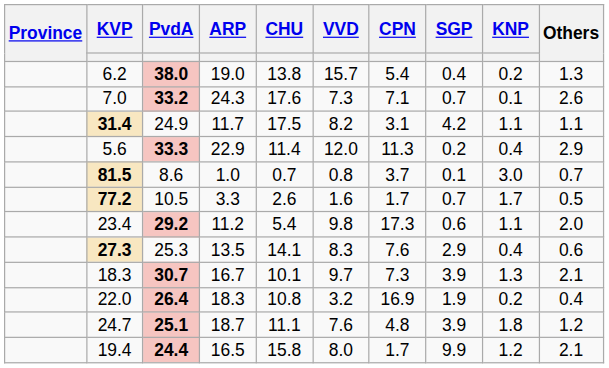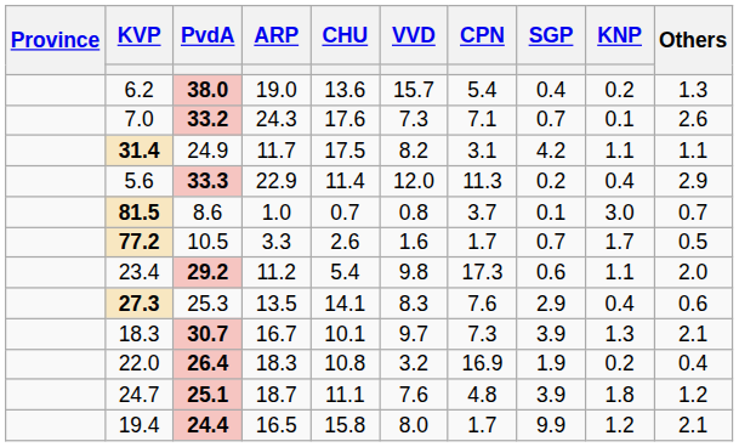 <table class="wikitable sortable" style="text-align:center;font-size:90%;line-height:14px">
 <tr style="height:40px;">
 <th rowspan="2"><a href='#'>Province</a></th>
 <th style="width:40px;"><a href='#'>KVP</a></th>
 <th style="width:40px;"><a href='#'>PvdA</a></th>
 <th style="width:40px;"><a href='#'>ARP</a></th>
 <th style="width:40px;"><a href='#'>CHU</a></th>
 <th style="width:40px;"><a href='#'>VVD</a></th>
 <th style="width:40px;"><a href='#'>CPN</a></th>
 <th style="width:40px;"><a href='#'>SGP</a></th>
 <th style="width:40px;"><a href='#'>KNP</a></th>
 <th style="width:40px;" rowspan="2">Others</th>
 </tr>
 <tr>
 <th style="background:"></th>
 <th style="background:"></th>
 <th style="background:"></th>
 <th style="background:"></th>
 <th style="background:"></th>
 <th style="background:"></th>
 <th style="background:"></th>
 <th style="background:"></th>
 </tr>
 <tr>
 <td align="left"></td>
 <td>6.2</td>
 <td style="background:#F6C5C1;"><strong>38.0</strong></td>
 <td>19.0</td>
-<td>13.8</td>
+<td>13.6</td>
 <td>15.7</td>
 <td>5.4</td>
 <td>0.4</td>
 <td>0.2</td>
 <td>1.3</td>
 </tr>
 <tr>
 <td align="left"></td>
 <td>7.0</td>
 <td style="background:#F6C5C1;"><strong>33.2</strong></td>
 <td>24.3</td>
 <td>17.6</td>
 <td>7.3</td>
 <td>7.1</td>
 <td>0.7</td>
 <td>0.1</td>
 <td>2.6</td>
 </tr>
 <tr>
 <td align="left"></td>
 <td style="background:#f8e7c1;"><strong>31.4</strong></td>
 <td>24.9</td>
 <td>11.7</td>
 <td>17.5</td>
 <td>8.2</td>
 <td>3.1</td>
 <td>4.2</td>
 <td>1.1</td>
 <td>1.1</td>
 </tr>
 <tr>
 <td align="left"></td>
 <td>5.6</td>
 <td style="background:#F6C5C1;"><strong>33.3</strong></td>
 <td>22.9</td>
 <td>11.4</td>
 <td>12.0</td>
 <td>11.3</td>
 <td>0.2</td>
 <td>0.4</td>
 <td>2.9</td>
 </tr>
 <tr>
 <td align="left"></td>
 <td style="background:#f8e7c1;"><strong>81.5</strong></td>
 <td>8.6</td>
 <td>1.0</td>
 <td>0.7</td>
 <td>0.8</td>
 <td>3.7</td>
 <td>0.1</td>
 <td>3.0</td>
 <td>0.7</td>
 </tr>
 <tr>
 <td align="left"></td>
 <td style="background:#f8e7c1;"><strong>77.2</strong></td>
 <td>10.5</td>
 <td>3.3</td>
 <td>2.6</td>
 <td>1.6</td>
 <td>1.7</td>
 <td>0.7</td>
 <td>1.7</td>
 <td>0.5</td>
 </tr>
 <tr>
 <td align="left"></td>
 <td>23.4</td>
 <td style="background:#F6C5C1;"><strong>29.2</strong></td>
 <td>11.2</td>
 <td>5.4</td>
 <td>9.8</td>
 <td>17.3</td>
 <td>0.6</td>
 <td>1.1</td>
 <td>2.0</td>
 </tr>
 <tr>
 <td align="left"></td>
 <td style="background:#f8e7c1;"><strong>27.3</strong></td>
 <td>25.3</td>
 <td>13.5</td>
 <td>14.1</td>
 <td>8.3</td>
 <td>7.6</td>
 <td>2.9</td>
 <td>0.4</td>
 <td>0.6</td>
 </tr>
 <tr>
 <td align="left"></td>
 <td>18.3</td>
 <td style="background:#F6C5C1;"><strong>30.7</strong></td>
 <td>16.7</td>
 <td>10.1</td>
 <td>9.7</td>
 <td>7.3</td>
 <td>3.9</td>
 <td>1.3</td>
 <td>2.1</td>
 </tr>
 <tr>
 <td align="left"></td>
 <td>22.0</td>
 <td style="background:#F6C5C1;"><strong>26.4</strong></td>
 <td>18.3</td>
 <td>10.8</td>
 <td>3.2</td>
 <td>16.9</td>
 <td>1.9</td>
 <td>0.2</td>
 <td>0.4</td>
 </tr>
 <tr>
 <td align="left"></td>
 <td>24.7</td>
 <td style="background:#F6C5C1;"><strong>25.1</strong></td>
 <td>18.7</td>
 <td>11.1</td>
 <td>7.6</td>
 <td>4.8</td>
 <td>3.9</td>
 <td>1.8</td>
 <td>1.2</td>
 </tr>
 <tr>
 <td align="left"></td>
 <td>19.4</td>
 <td style="background:#F6C5C1;"><strong>24.4</strong></td>
 <td>16.5</td>
 <td>15.8</td>
 <td>8.0</td>
 <td>1.7</td>
 <td>9.9</td>
 <td>1.2</td>
 <td>2.1</td>
 </tr>
 </table>
